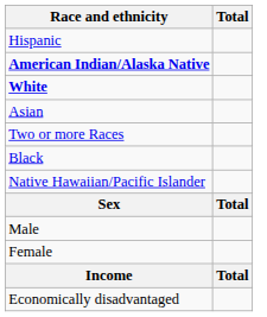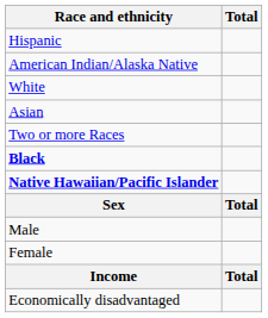 <table class="wikitable floatright sortable collapsible"; text-align:right; font-size:80%;">
 <tr>
 <th>Race and ethnicity</th>
 <th colspan="2" data-sort-type=number>Total</th>
 </tr>
 <tr>
 <td><a href='#'>Hispanic</a></td>
 <td align=right></td>
 </tr>
 <tr>
-<td><strong><a href='#'>American Indian/Alaska Native</a></strong></td>
+<td><a href='#'>American Indian/Alaska Native</a></td>
 <td align=right></td>
 </tr>
 <tr>
-<td><strong><a href='#'>White</a></strong></td>
+<td><a href='#'>White</a></td>
 <td align=right></td>
 </tr>
 <tr>
 <td><a href='#'>Asian</a></td>
 <td align=right></td>
 </tr>
 <tr>
 <td><a href='#'>Two or more Races</a></td>
 <td align=right></td>
 </tr>
 <tr>
-<td><a href='#'>Black</a></td>
+<td><strong><a href='#'>Black</a></strong></td>
 <td align=right></td>
 </tr>
 <tr>
-<td><a href='#'>Native Hawaiian/Pacific Islander</a></td>
+<td><strong><a href='#'>Native Hawaiian/Pacific Islander</a></strong></td>
 <td align=right></td>
 </tr>
 <tr>
 <th>Sex</th>
 <th colspan="2" data-sort-type=number>Total</th>
 </tr>
 <tr>
 <td>Male</td>
 <td align=right></td>
 </tr>
 <tr>
 <td>Female</td>
 <td align=right></td>
 </tr>
 <tr>
 <th>Income</th>
 <th colspan="2" data-sort-type=number>Total</th>
 </tr>
 <tr>
 <td>Economically disadvantaged</td>
 <td align=right></td>
 </tr>
 </table>
